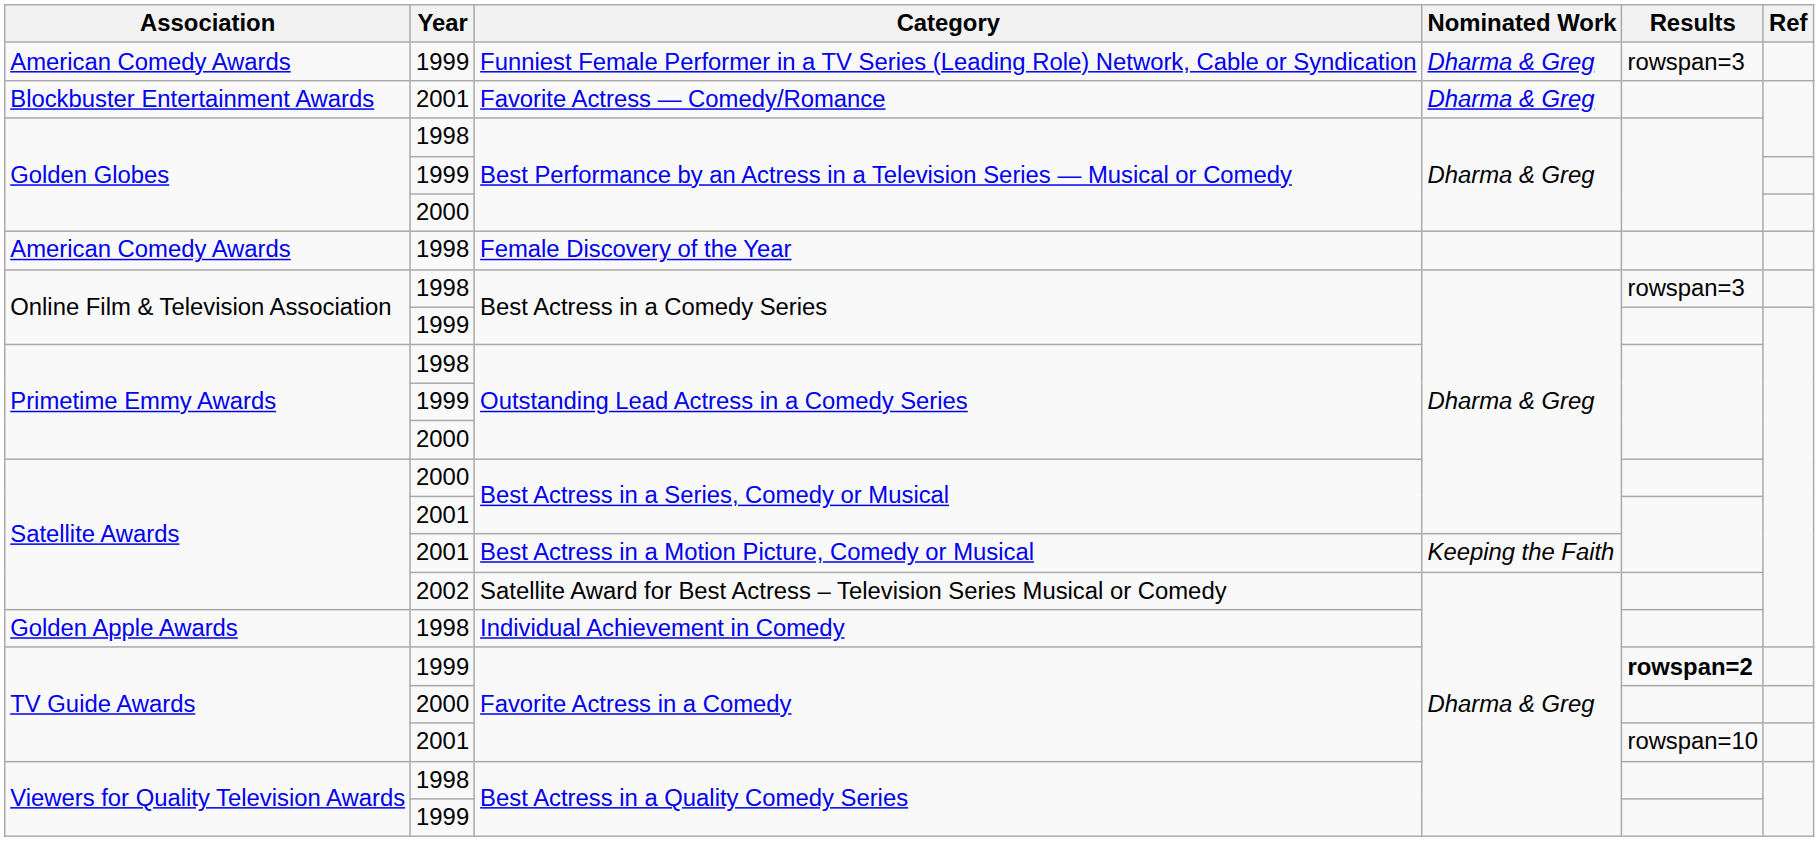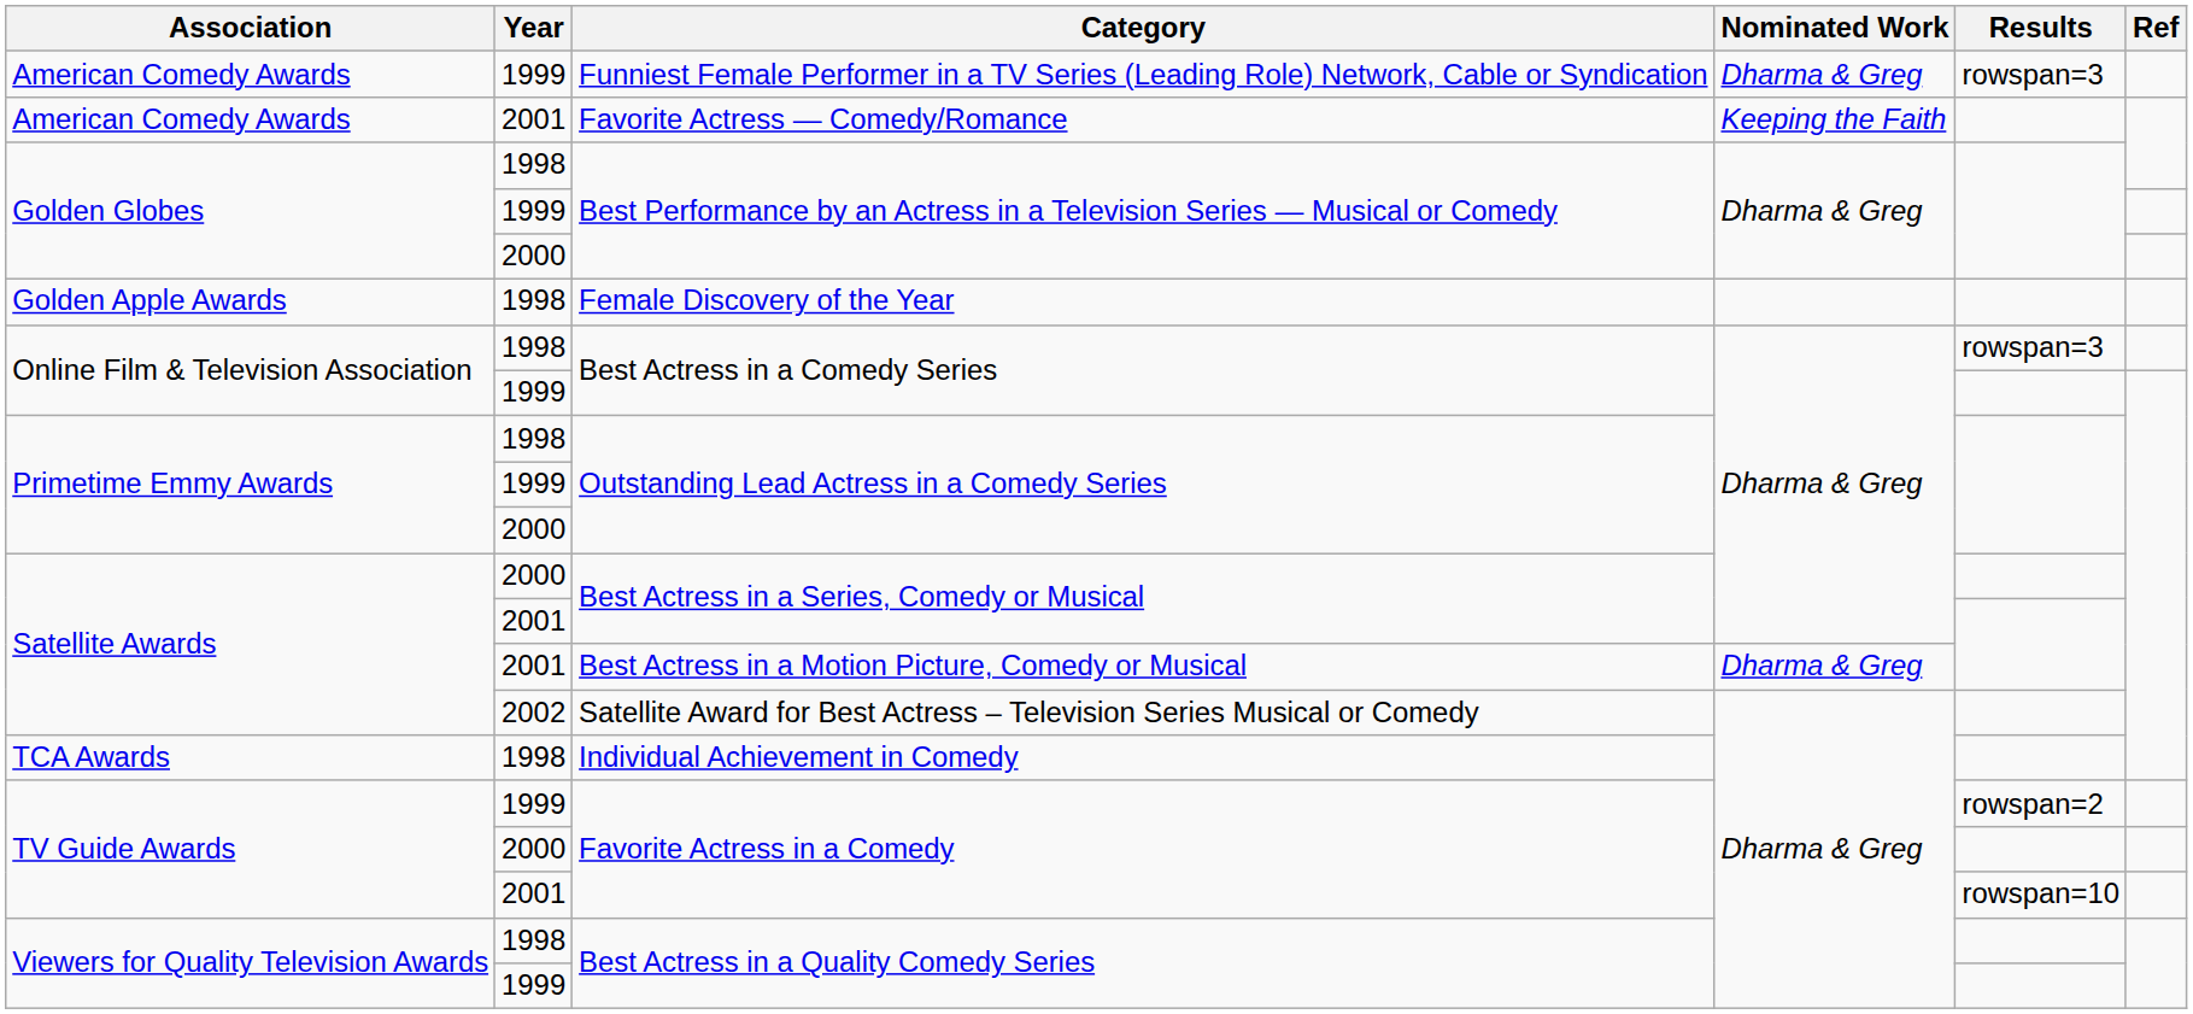 <table class="wikitable">
 <tr>
 <th>Association</th>
 <th>Year</th>
 <th>Category</th>
 <th>Nominated Work</th>
 <th>Results</th>
 <th>Ref</th>
 </tr>
 <tr>
 <td><a href='#'>American Comedy Awards</a></td>
 <td>1999</td>
 <td><a href='#'>Funniest Female Performer in a TV Series (Leading Role) Network, Cable or Syndication</a></td>
 <td><em><a href='#'>Dharma & Greg</a></em></td>
 <td>rowspan=3 </td>
 <td></td>
 </tr>
 <tr>
-<td><a href='#'>Blockbuster Entertainment Awards</a></td>
+<td><a href='#'>American Comedy Awards</a></td>
 <td>2001</td>
 <td><a href='#'>Favorite Actress — Comedy/Romance</a></td>
-<td><em><a href='#'>Dharma & Greg</a></em></td>
+<td><em><a href='#'>Keeping the Faith</a></em></td>
 <td></td>
 </tr>
 <tr>
 <td rowspan=3><a href='#'>Golden Globes</a></td>
 <td>1998</td>
 <td rowspan=3><a href='#'>Best Performance by an Actress in a Television Series — Musical or Comedy</a></td>
 <td rowspan=3><em>Dharma & Greg</em></td>
 <td rowspan=3></td>
 </tr>
 <tr>
 <td>1999</td>
 <td></td>
 </tr>
 <tr>
 <td>2000</td>
 <td></td>
 </tr>
 <tr>
-<td><a href='#'>American Comedy Awards</a></td>
+<td><a href='#'>Golden Apple Awards</a></td>
 <td>1998</td>
 <td><a href='#'>Female Discovery of the Year</a></td>
 <td></td>
 <td></td>
 <td></td>
 </tr>
 <tr>
 <td rowspan=2>Online Film & Television Association</td>
 <td>1998</td>
 <td rowspan=2>Best Actress in a Comedy Series</td>
 <td rowspan=7><em>Dharma & Greg</em></td>
 <td>rowspan=3 </td>
 <td></td>
 </tr>
 <tr>
 <td>1999</td>
 <td></td>
 </tr>
 <tr>
 <td rowspan=3><a href='#'>Primetime Emmy Awards</a></td>
 <td>1998</td>
 <td rowspan=3><a href='#'>Outstanding Lead Actress in a Comedy Series</a></td>
 <td rowspan=3></td>
 </tr>
 <tr>
 <td>1999</td>
 </tr>
 <tr>
 <td>2000</td>
 </tr>
 <tr>
 <td rowspan=4><a href='#'>Satellite Awards</a></td>
 <td>2000</td>
 <td rowspan=2><a href='#'>Best Actress in a Series, Comedy or Musical</a></td>
 <td></td>
 </tr>
 <tr>
 <td>2001</td>
 <td rowspan=2></td>
 </tr>
 <tr>
 <td>2001</td>
 <td><a href='#'>Best Actress in a Motion Picture, Comedy or Musical</a></td>
-<td><em>Keeping the Faith</em></td>
+<td><em><a href='#'>Dharma & Greg</a></em></td>
 </tr>
 <tr>
 <td>2002</td>
 <td>Satellite Award for Best Actress – Television Series Musical or Comedy</td>
 <td rowspan=7><em>Dharma & Greg</em></td>
 <td></td>
 </tr>
 <tr>
-<td><a href='#'>Golden Apple Awards</a></td>
+<td><a href='#'>TCA Awards</a></td>
 <td>1998</td>
 <td><a href='#'>Individual Achievement in Comedy</a></td>
 <td></td>
 </tr>
 <tr>
 <td rowspan=3><a href='#'>TV Guide Awards</a></td>
 <td>1999</td>
 <td rowspan=3><a href='#'>Favorite Actress in a Comedy</a></td>
-<td><strong>rowspan=2 </strong></td>
+<td>rowspan=2 </td>
 <td></td>
 </tr>
 <tr>
 <td>2000</td>
 <td></td>
 </tr>
 <tr>
 <td>2001</td>
 <td>rowspan=10 </td>
 <td></td>
 </tr>
 <tr>
 <td rowspan=2><a href='#'>Viewers for Quality Television Awards</a></td>
 <td>1998</td>
 <td rowspan=2><a href='#'>Best Actress in a Quality Comedy Series</a></td>
 <td></td>
 </tr>
 <tr>
 <td>1999</td>
 <td></td>
 </tr>
 </table>
